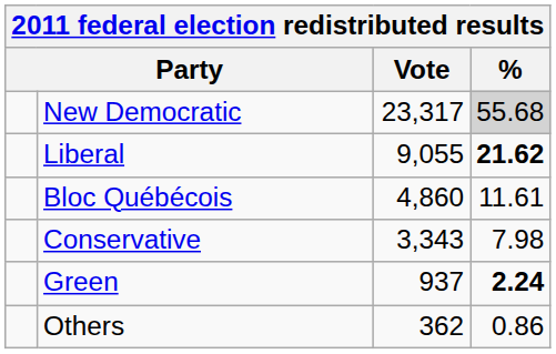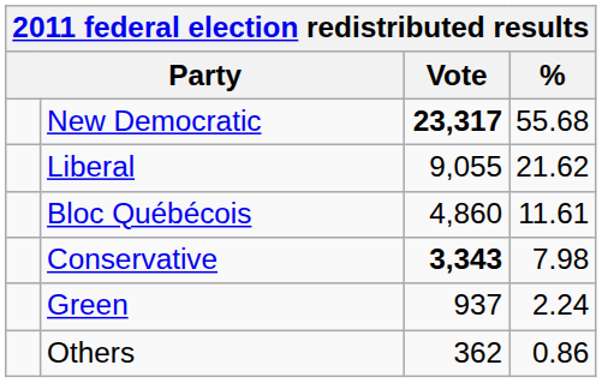 <table class="wikitable">
 <tr>
 <th colspan="4"><a href='#'>2011 federal election</a> redistributed results</th>
 </tr>
 <tr>
 <th bgcolor="#DDDDFF" width="130px" colspan="2">Party</th>
 <th bgcolor="#DDDDFF" width="50px">Vote</th>
 <th bgcolor="#DDDDFF" width="30px">%</th>
 </tr>
 <tr>
 <td> </td>
 <td><a href='#'>New Democratic</a></td>
-<td align=right>23,317</td>
-<td align=right style="background: lightgrey;">55.68</td>
+<td align=right><strong>23,317</strong></td>
+<td align=right>55.68</td>
 </tr>
 <tr>
 <td> </td>
 <td><a href='#'>Liberal</a></td>
 <td align=right>9,055</td>
-<td align=right><strong>21.62</strong></td>
+<td align=right>21.62</td>
 </tr>
 <tr>
 <td> </td>
 <td><a href='#'>Bloc Québécois</a></td>
 <td align=right>4,860</td>
 <td align=right>11.61</td>
 </tr>
 <tr>
 <td> </td>
 <td><a href='#'>Conservative</a></td>
-<td align=right>3,343</td>
+<td align=right><strong>3,343</strong></td>
 <td align=right>7.98</td>
 </tr>
 <tr>
 <td> </td>
 <td><a href='#'>Green</a></td>
 <td align=right>937</td>
-<td align=right><strong>2.24</strong></td>
+<td align=right>2.24</td>
 </tr>
 <tr>
 <td> </td>
 <td>Others</td>
 <td align=right>362</td>
 <td align=right>0.86</td>
 </tr>
 </table>
